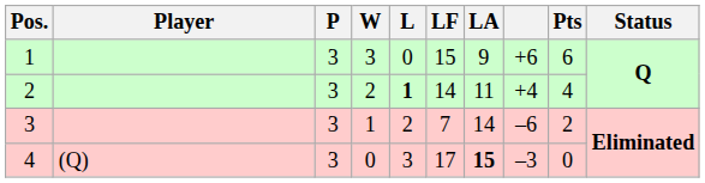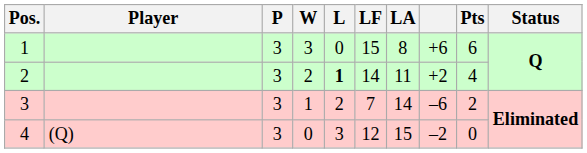 <table class="wikitable" style="text-align:center; margin: 1em auto 1em auto, align:left">
 <tr>
 <th width=20>Pos.</th>
 <th width=185>Player</th>
 <th width=20>P</th>
 <th width=20>W</th>
 <th width=20>L</th>
 <th width=20>LF</th>
 <th width=20>LA</th>
 <th width=25></th>
 <th width=20>Pts</th>
 <th width=70>Status</th>
 </tr>
 <tr style="background:#CCFFCC;">
 <td>1</td>
 <td style="text-align:left"></td>
 <td>3</td>
 <td>3</td>
 <td>0</td>
 <td>15</td>
-<td>9</td>
+<td>8</td>
 <td>+6</td>
 <td>6</td>
 <td rowspan=2><strong>Q</strong></td>
 </tr>
 <tr style="background:#CCFFCC;">
 <td>2</td>
 <td style="text-align:left"></td>
 <td>3</td>
 <td>2</td>
 <td><strong>1</strong></td>
 <td>14</td>
 <td>11</td>
-<td>+4</td>
+<td>+2</td>
 <td>4</td>
 </tr>
 <tr style="background:#FFCCCC;">
 <td>3</td>
 <td style="text-align:left"></td>
 <td>3</td>
 <td>1</td>
 <td>2</td>
 <td>7</td>
 <td>14</td>
 <td>–6</td>
 <td>2</td>
 <td rowspan=2><strong>Eliminated</strong></td>
 </tr>
 <tr style="background:#FFCCCC;">
 <td>4</td>
 <td style="text-align:left"> (Q)</td>
 <td>3</td>
 <td>0</td>
 <td>3</td>
-<td>17</td>
-<td><strong>15</strong></td>
-<td>–3</td>
+<td>12</td>
+<td>15</td>
+<td>–2</td>
 <td>0</td>
 </tr>
 </table>
